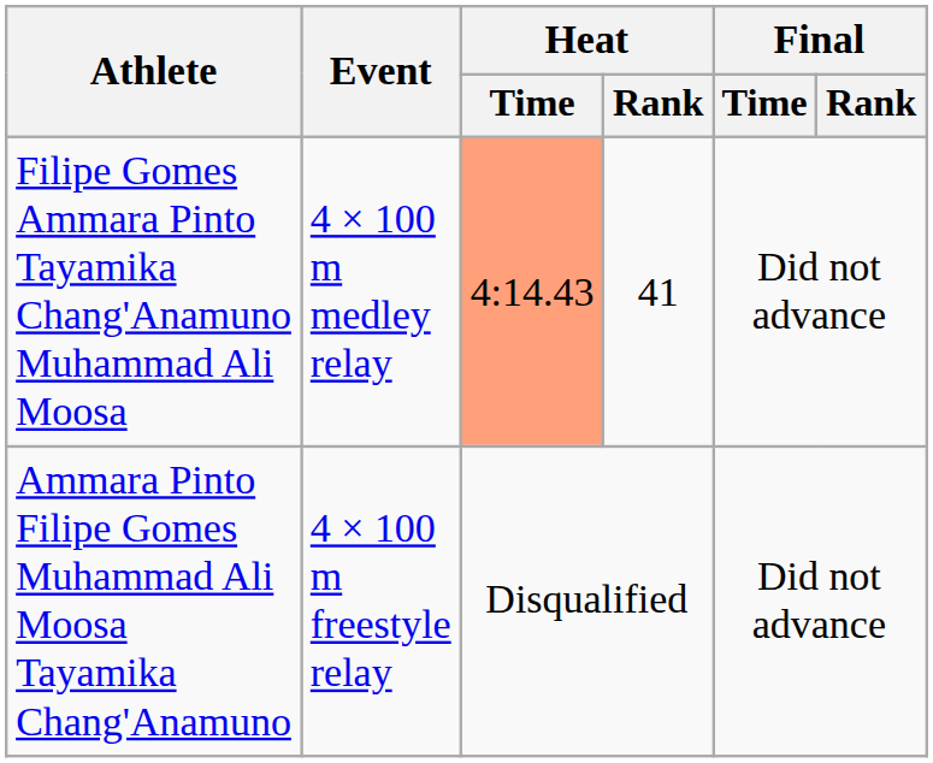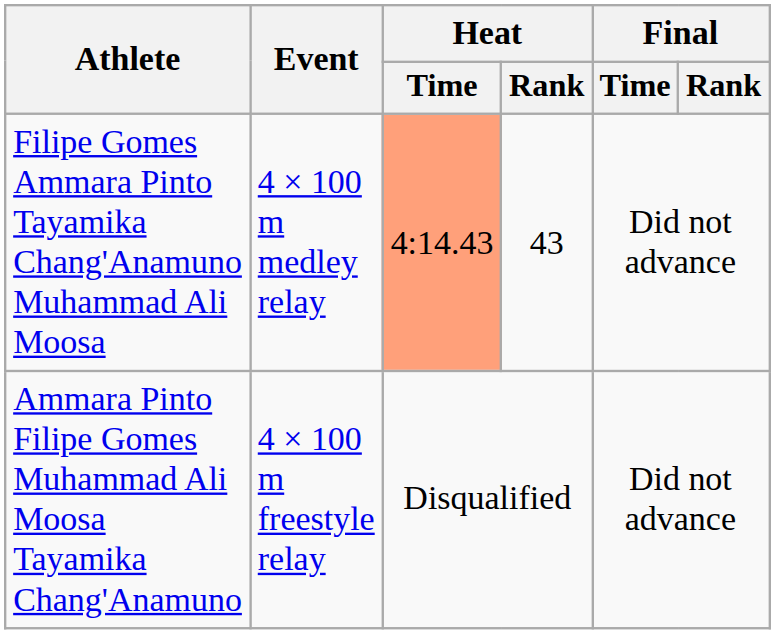 <table class="wikitable" style="text-align:center; font-size:90%; width:30%;">
 <tr>
 <th rowspan="2">Athlete</th>
 <th rowspan="2">Event</th>
 <th colspan="2">Heat</th>
 <th colspan="2">Final</th>
 </tr>
 <tr style="font-size:95%">
 <th>Time</th>
 <th>Rank</th>
 <th>Time</th>
 <th>Rank</th>
 </tr>
 <tr>
 <td align=left><a href='#'>Filipe Gomes</a> <br><a href='#'>Ammara Pinto</a> <br><a href='#'>Tayamika Chang'Anamuno</a> <br><a href='#'>Muhammad Ali Moosa</a></td>
 <td align=left><a href='#'>4 × 100 m medley relay</a></td>
 <td style="background: lightsalmon;">4:14.43</td>
-<td>41</td>
+<td>43</td>
 <td colspan=2>Did not advance</td>
 </tr>
 <tr>
 <td align=left><a href='#'>Ammara Pinto</a> <br><a href='#'>Filipe Gomes</a><br><a href='#'>Muhammad Ali Moosa</a><br><a href='#'>Tayamika Chang'Anamuno</a></td>
 <td align=left><a href='#'>4 × 100 m freestyle relay</a></td>
 <td colspan="2">Disqualified</td>
 <td colspan="2">Did not advance</td>
 </tr>
 </table>
